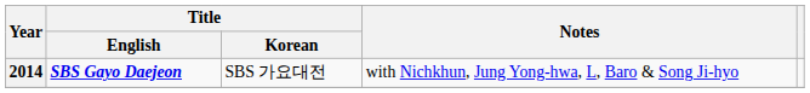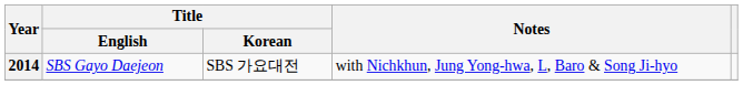 <table class="wikitable sortable plainrowheaders">
 <tr>
 <th scope="col" rowspan="2">Year</th>
 <th scope="col" colspan="2">Title</th>
 <th scope="col" rowspan="2" style="width:25.6em;">Notes</th>
 <th scope="col" rowspan="2" class="unsortable"></th>
 </tr>
 <tr>
 <th scope="col" style="width:10em;">English</th>
 <th scope="col" style="width:8em;">Korean</th>
 </tr>
 <tr>
 <th scope="row">2014</th>
-<td><strong><em><a href='#'>SBS Gayo Daejeon</a></em></strong></td>
+<td><em><a href='#'>SBS Gayo Daejeon</a></em></td>
 <td>SBS 가요대전</td>
 <td>with <a href='#'>Nichkhun</a>, <a href='#'>Jung Yong-hwa</a>, <a href='#'>L</a>, <a href='#'>Baro</a> & <a href='#'>Song Ji-hyo</a></td>
 <td style="text-align:center"></td>
 </tr>
 <tr>
 </tr>
 </table>
